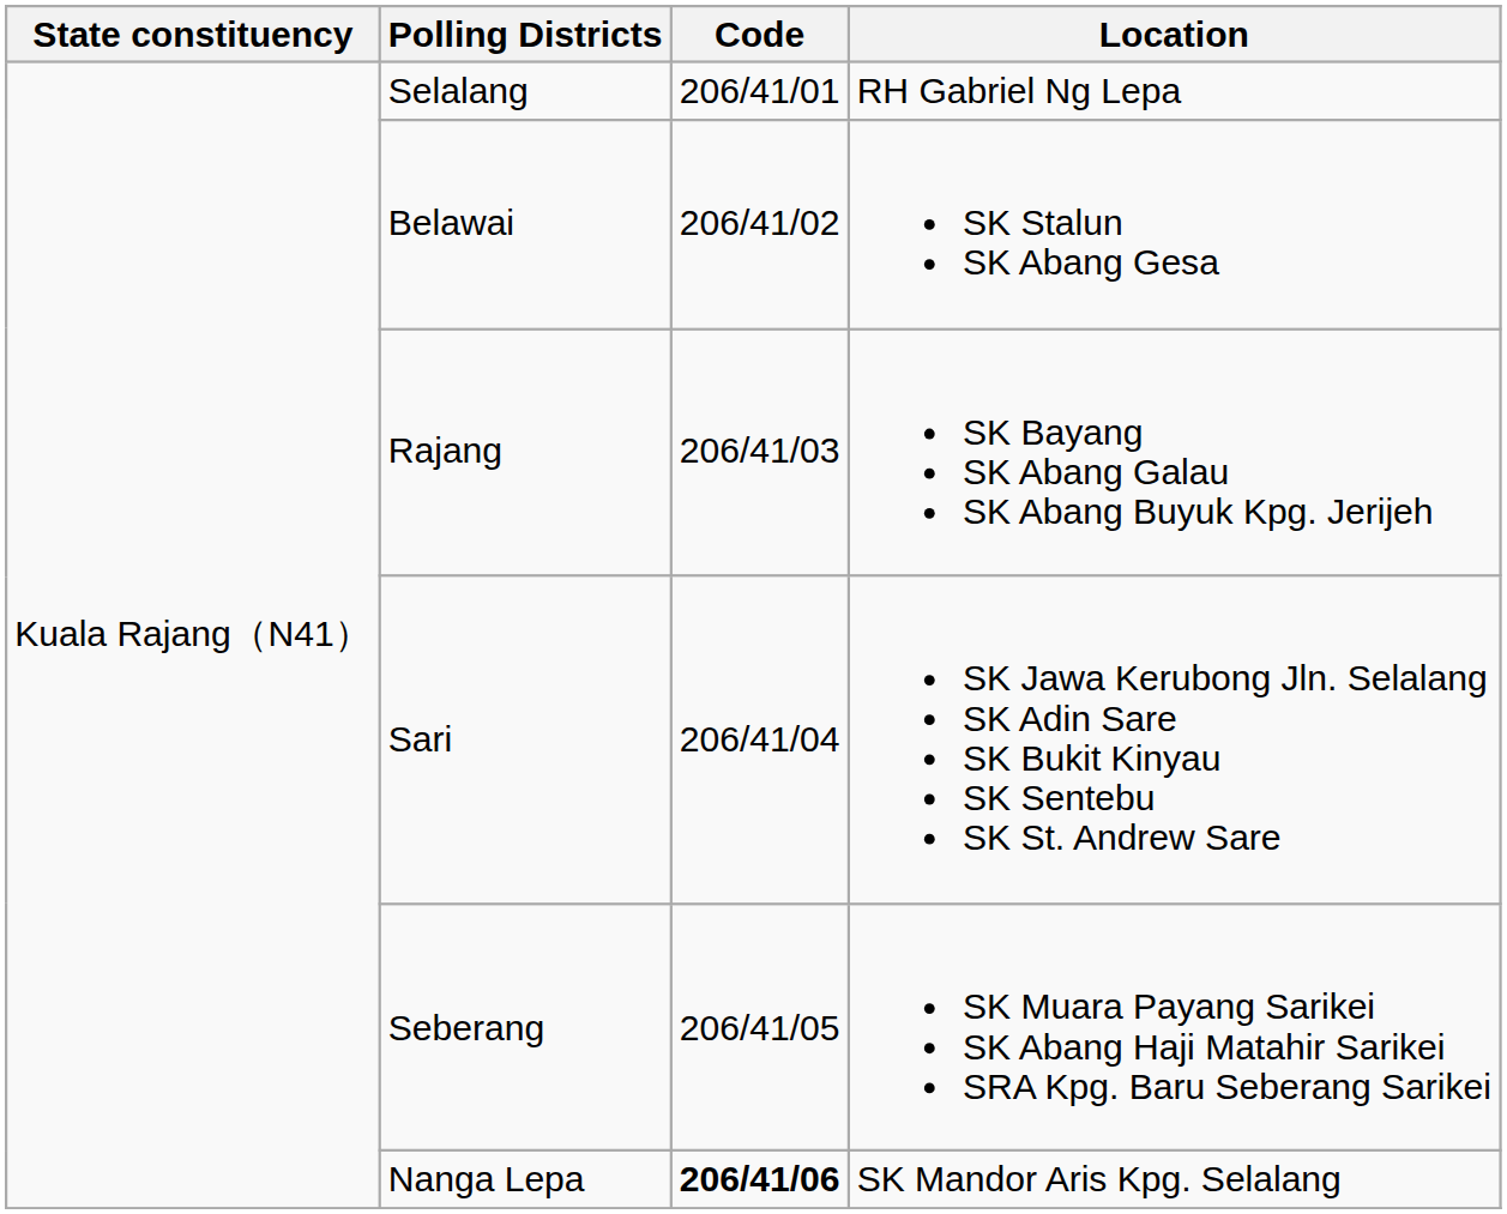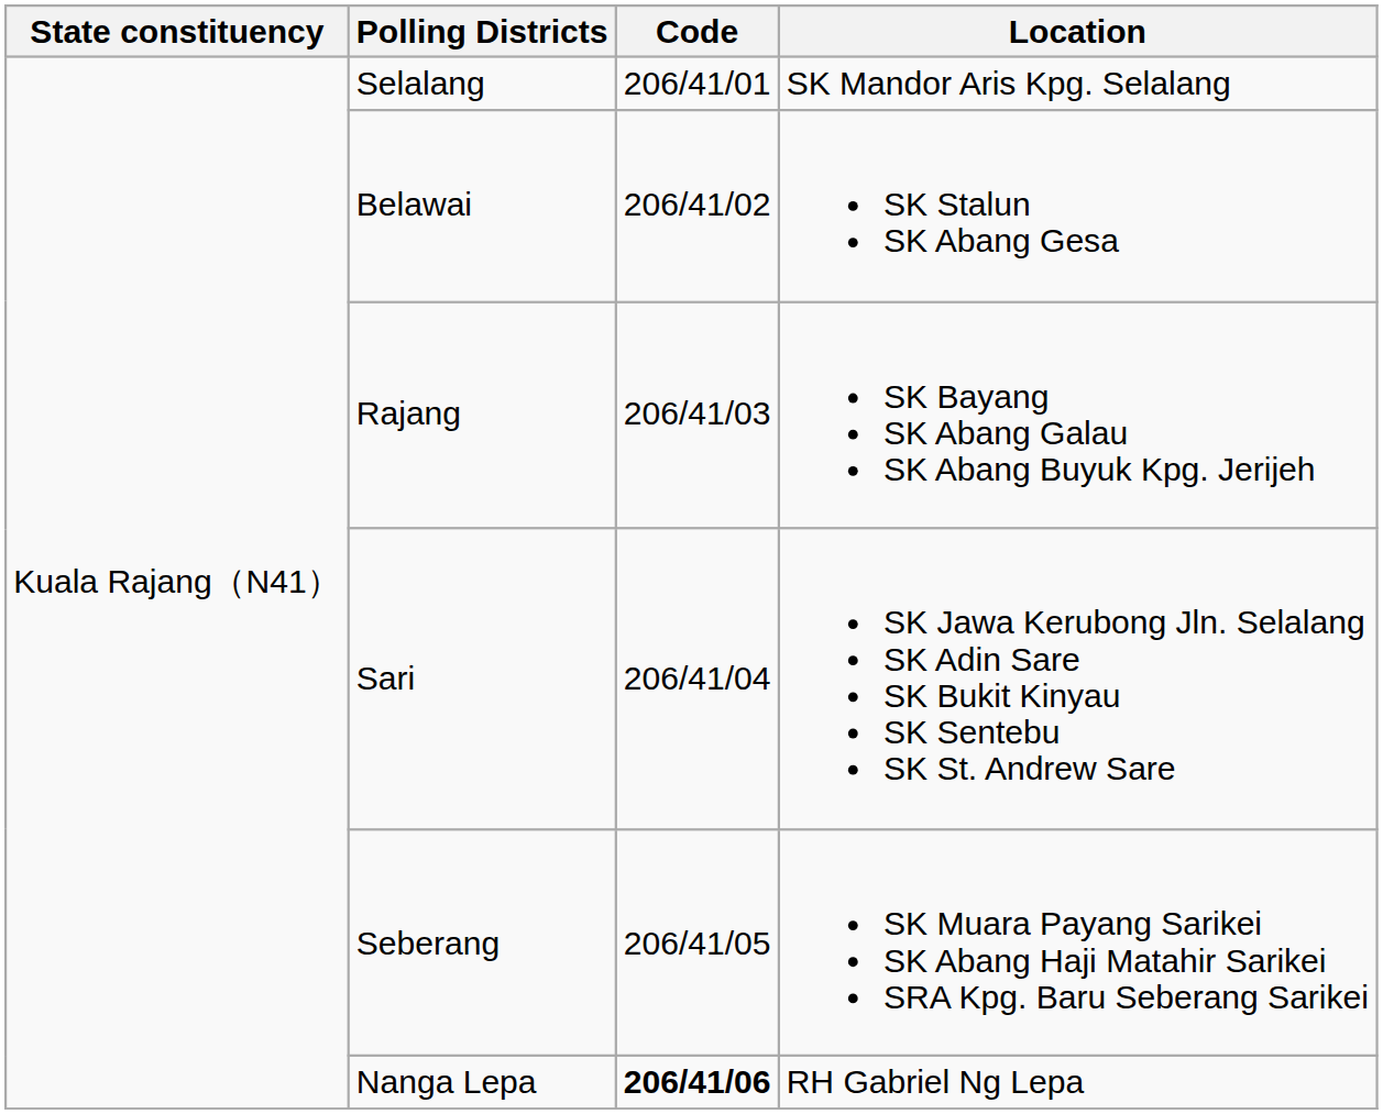 <table class="wikitable sortable mw-collapsible" style="white-space:nowrap;font-size:85%">
 <tr>
 <th>State constituency</th>
 <th>Polling Districts</th>
 <th>Code</th>
 <th>Location</th>
 </tr>
 <tr>
 <td rowspan="6">Kuala Rajang（N41）</td>
 <td>Selalang</td>
 <td>206/41/01</td>
-<td>RH Gabriel Ng Lepa</td>
+<td>SK Mandor Aris Kpg. Selalang</td>
 </tr>
 <tr>
 <td>Belawai</td>
 <td>206/41/02</td>
 <td><br><ul><li>SK Stalun</li><li>SK Abang Gesa</li></ul></td>
 </tr>
 <tr>
 <td>Rajang</td>
 <td>206/41/03</td>
 <td><br><ul><li>SK Bayang</li><li>SK Abang Galau</li><li>SK Abang Buyuk Kpg. Jerijeh</li></ul></td>
 </tr>
 <tr>
 <td>Sari</td>
 <td>206/41/04</td>
 <td><br><ul><li>SK Jawa Kerubong Jln. Selalang</li><li>SK Adin Sare</li><li>SK Bukit Kinyau</li><li>SK Sentebu</li><li>SK St. Andrew Sare</li></ul></td>
 </tr>
 <tr>
 <td>Seberang</td>
 <td>206/41/05</td>
 <td><br><ul><li>SK Muara Payang Sarikei</li><li>SK Abang Haji Matahir Sarikei</li><li>SRA Kpg. Baru Seberang Sarikei</li></ul></td>
 </tr>
 <tr>
 <td>Nanga Lepa</td>
 <td><strong>206/41/06</strong></td>
-<td>SK Mandor Aris Kpg. Selalang</td>
+<td>RH Gabriel Ng Lepa</td>
 </tr>
 <tr>
 </tr>
 </table>
